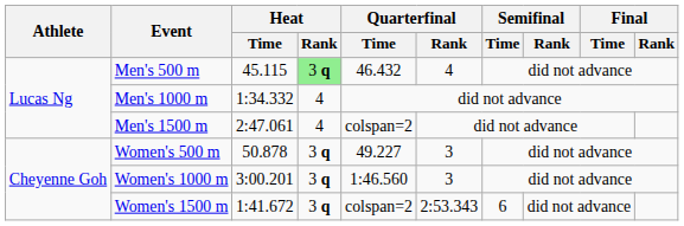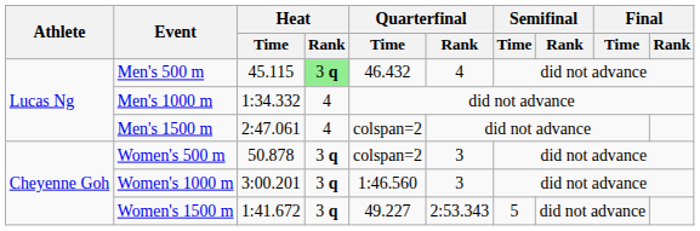 <table class="wikitable" style="font-size:90%">
 <tr>
 <th rowspan=2>Athlete</th>
 <th rowspan=2>Event</th>
 <th colspan=2>Heat</th>
 <th colspan=2>Quarterfinal</th>
 <th colspan=2>Semifinal</th>
 <th colspan=2>Final</th>
 </tr>
 <tr style="font-size:95%">
 <th>Time</th>
 <th>Rank</th>
 <th>Time</th>
 <th>Rank</th>
 <th>Time</th>
 <th>Rank</th>
 <th>Time</th>
 <th>Rank</th>
 </tr>
 <tr align=center>
 <td align=left rowspan=3><a href='#'>Lucas Ng</a></td>
 <td align=left><a href='#'>Men's 500 m</a></td>
 <td>45.115</td>
 <td style="background: lightgreen;">3 <strong>q</strong></td>
 <td>46.432</td>
 <td>4</td>
 <td colspan=4>did not advance</td>
 </tr>
 <tr align=center>
 <td align=left><a href='#'>Men's 1000 m</a></td>
 <td>1:34.332</td>
 <td>4</td>
 <td colspan=6>did not advance</td>
 </tr>
 <tr align=center>
 <td align=left><a href='#'>Men's 1500 m</a></td>
 <td>2:47.061</td>
 <td>4</td>
 <td>colspan=2 </td>
 <td colspan=4>did not advance</td>
 </tr>
 <tr align=center>
 <td align=left rowspan=3><a href='#'>Cheyenne Goh</a></td>
 <td align=left><a href='#'>Women's 500 m</a></td>
 <td>50.878</td>
 <td>3 <strong>q</strong></td>
-<td>49.227</td>
+<td>colspan=2 </td>
 <td>3</td>
 <td colspan=4>did not advance</td>
 </tr>
 <tr align=center>
 <td align=left><a href='#'>Women's 1000 m</a></td>
 <td>3:00.201</td>
 <td>3 <strong>q</strong></td>
 <td>1:46.560</td>
 <td>3</td>
 <td colspan=4>did not advance</td>
 </tr>
 <tr align=center>
 <td align=left><a href='#'>Women's 1500 m</a></td>
 <td>1:41.672</td>
 <td>3 <strong>q</strong></td>
-<td>colspan=2 </td>
+<td>49.227</td>
 <td>2:53.343</td>
-<td>6</td>
+<td>5</td>
 <td colspan=2>did not advance</td>
 </tr>
 </table>
